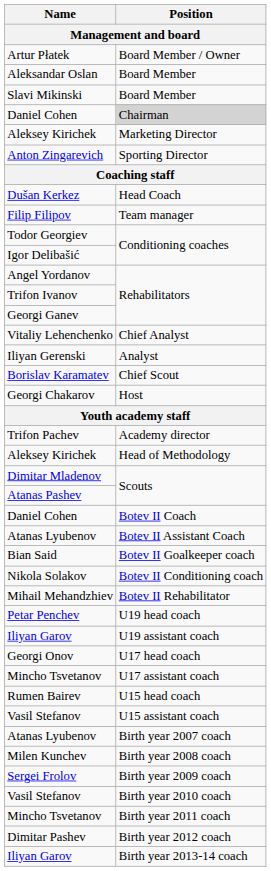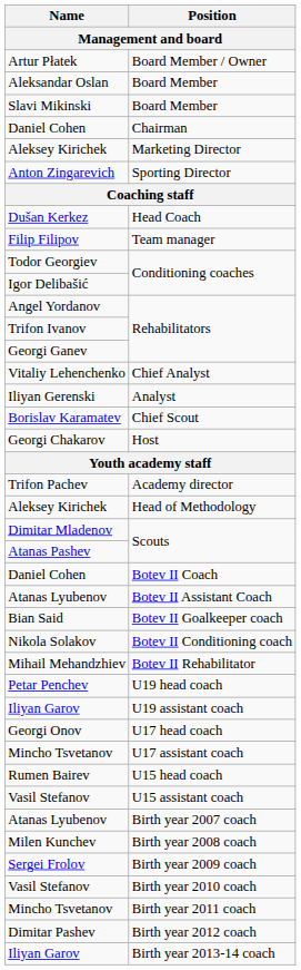 <table class="wikitable">
 <tr>
 <th>Name</th>
 <th>Position</th>
 </tr>
 <tr>
 <th colspan="2">Management and board</th>
 </tr>
 <tr>
 <td> Artur Płatek</td>
 <td>Board Member / Owner</td>
 </tr>
 <tr>
 <td> Aleksandar Oslan</td>
 <td>Board Member</td>
 </tr>
 <tr>
 <td> Slavi Mikinski</td>
 <td>Board Member</td>
 </tr>
 <tr>
 <td> Daniel Cohen</td>
-<td style="background: lightgrey;">Chairman</td>
+<td>Chairman</td>
 </tr>
 <tr>
 <td> Aleksey Kirichek</td>
 <td>Marketing Director</td>
 </tr>
 <tr>
 <td> <a href='#'>Anton Zingarevich</a></td>
 <td>Sporting Director</td>
 </tr>
 <tr>
 <th colspan="2">Coaching staff</th>
 </tr>
 <tr>
 <td> <a href='#'>Dušan Kerkez</a></td>
 <td>Head Coach</td>
 </tr>
 <tr>
 <td> <a href='#'>Filip Filipov</a></td>
 <td>Team manager</td>
 </tr>
 <tr>
 <td> Todor Georgiev</td>
 <td rowspan="2">Conditioning coaches</td>
 </tr>
 <tr>
 <td> Igor Delibašić</td>
 </tr>
 <tr>
 <td> Angel Yordanov</td>
 <td rowspan="3">Rehabilitators</td>
 </tr>
 <tr>
 <td> Trifon Ivanov</td>
 </tr>
 <tr>
 <td> Georgi Ganev</td>
 </tr>
 <tr>
 <td> Vitaliy Lehenchenko</td>
 <td>Chief Analyst</td>
 </tr>
 <tr>
 <td> Iliyan Gerenski</td>
 <td>Analyst</td>
 </tr>
 <tr>
 <td> <a href='#'>Borislav Karamatev</a></td>
 <td>Chief Scout</td>
 </tr>
 <tr>
 <td> Georgi Chakarov</td>
 <td>Host</td>
 </tr>
 <tr>
 <th colspan="2">Youth academy staff</th>
 </tr>
 <tr>
 <td> Trifon Pachev</td>
 <td>Academy director</td>
 </tr>
 <tr>
 <td> Aleksey Kirichek</td>
 <td>Head of Methodology</td>
 </tr>
 <tr>
 <td> <a href='#'>Dimitar Mladenov</a></td>
 <td rowspan="2">Scouts</td>
 </tr>
 <tr>
 <td> <a href='#'>Atanas Pashev</a></td>
 </tr>
 <tr>
 <td> Daniel Cohen</td>
 <td><a href='#'>Botev II</a> Coach</td>
 </tr>
 <tr>
 <td> Atanas Lyubenov</td>
 <td><a href='#'>Botev II</a> Assistant Coach</td>
 </tr>
 <tr>
 <td> Bian Said</td>
 <td><a href='#'>Botev II</a> Goalkeeper coach</td>
 </tr>
 <tr>
 <td> Nikola Solakov</td>
 <td><a href='#'>Botev II</a> Conditioning coach</td>
 </tr>
 <tr>
 <td> Mihail Mehandzhiev</td>
 <td><a href='#'>Botev II</a> Rehabilitator</td>
 </tr>
 <tr>
 <td> <a href='#'>Petar Penchev</a></td>
 <td>U19 head coach</td>
 </tr>
 <tr>
 <td> <a href='#'>Iliyan Garov</a></td>
 <td>U19 assistant coach</td>
 </tr>
 <tr>
 <td> Georgi Onov</td>
 <td>U17 head coach</td>
 </tr>
 <tr>
 <td> Mincho Tsvetanov</td>
 <td>U17 assistant coach</td>
 </tr>
 <tr>
 <td> Rumen Bairev</td>
 <td>U15 head coach</td>
 </tr>
 <tr>
 <td> Vasil Stefanov</td>
 <td>U15 assistant coach</td>
 </tr>
 <tr>
 <td> Atanas Lyubenov</td>
 <td>Birth year 2007 coach</td>
 </tr>
 <tr>
 <td> Milen Kunchev</td>
 <td>Birth year 2008 coach</td>
 </tr>
 <tr>
 <td> <a href='#'>Sergei Frolov</a></td>
 <td>Birth year 2009 coach</td>
 </tr>
 <tr>
 <td> Vasil Stefanov</td>
 <td>Birth year 2010 coach</td>
 </tr>
 <tr>
 <td> Mincho Tsvetanov</td>
 <td>Birth year 2011 coach</td>
 </tr>
 <tr>
 <td> Dimitar Pashev</td>
 <td>Birth year 2012 coach</td>
 </tr>
 <tr>
 <td> <a href='#'>Iliyan Garov</a></td>
 <td>Birth year 2013-14 coach</td>
 </tr>
 </table>
